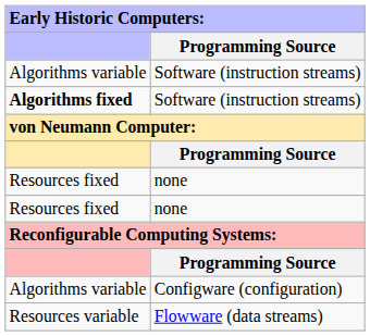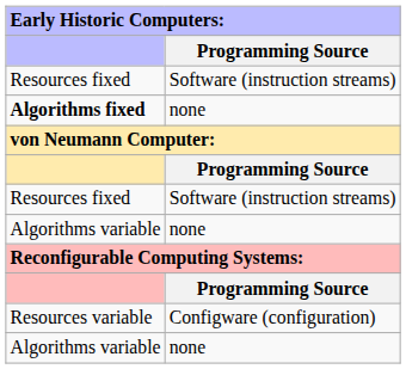 <table class="wikitable" | align="right">
 <tr>
 <td bgcolor="#BBBBFF" colspan="2"><strong>Early Historic Computers:</strong></td>
 </tr>
 <tr>
 <td bgcolor="#BBBBFF"> </td>
 <th>Programming Source</th>
 </tr>
 <tr>
-<td>Algorithms variable</td>
+<td>Resources fixed</td>
 <td>Software (instruction streams)</td>
 </tr>
 <tr>
 <td><strong>Algorithms fixed</strong></td>
-<td>Software (instruction streams)</td>
+<td>none</td>
 </tr>
 <tr>
 <td bgcolor="#ffebad" colspan=2><strong>von Neumann Computer:</strong></td>
 </tr>
 <tr>
 <td bgcolor="#ffebad"> </td>
 <th>Programming Source</th>
 </tr>
 <tr>
 <td>Resources fixed</td>
-<td>none</td>
+<td>Software (instruction streams)</td>
 </tr>
 <tr>
-<td>Resources fixed</td>
+<td>Algorithms variable</td>
 <td>none</td>
 </tr>
 <tr>
 <td bgcolor="#ffbbbb" colspan="2"><strong>Reconfigurable Computing Systems:</strong></td>
 </tr>
 <tr>
 <td bgcolor="#ffbbbb"> </td>
 <th>Programming Source</th>
 </tr>
 <tr>
-<td>Algorithms variable</td>
+<td>Resources variable</td>
 <td>Configware (configuration)</td>
 </tr>
 <tr>
-<td>Resources variable</td>
-<td><a href='#'>Flowware</a> (data streams)</td>
+<td>Algorithms variable</td>
+<td>none</td>
 </tr>
 </table>
